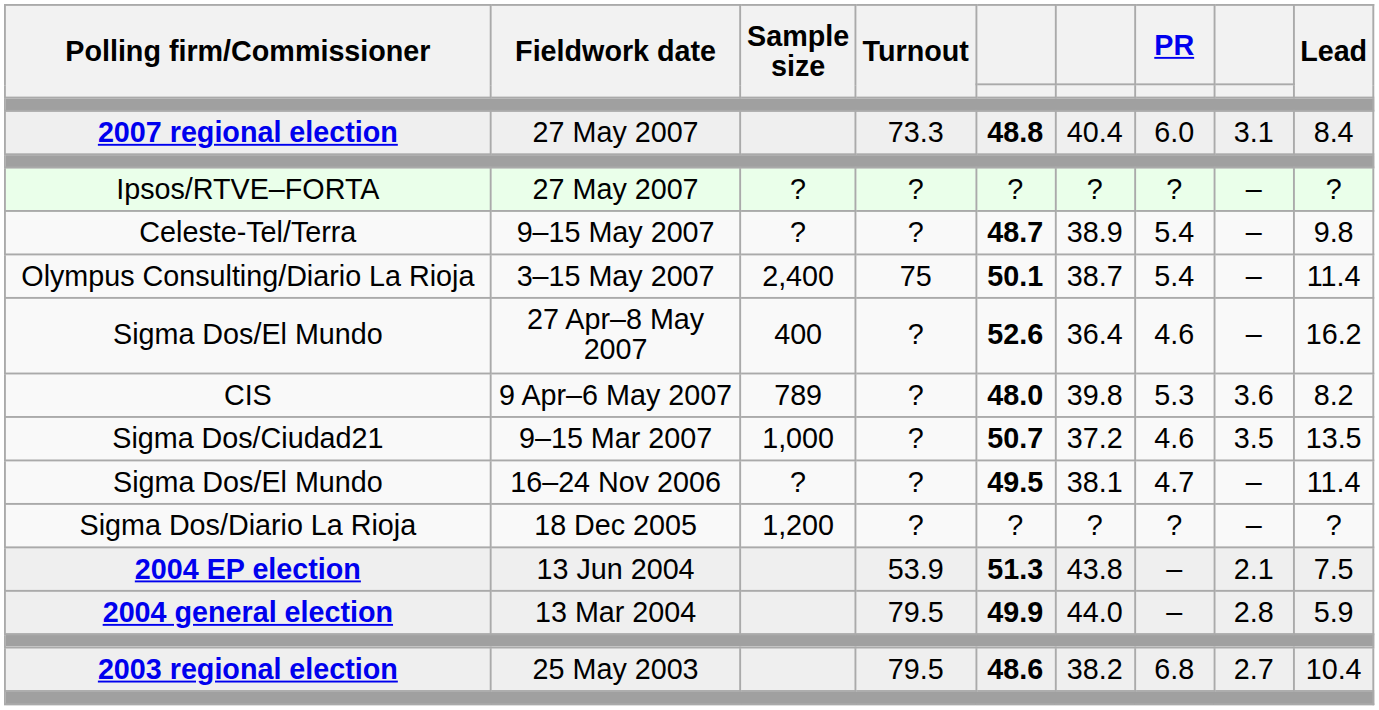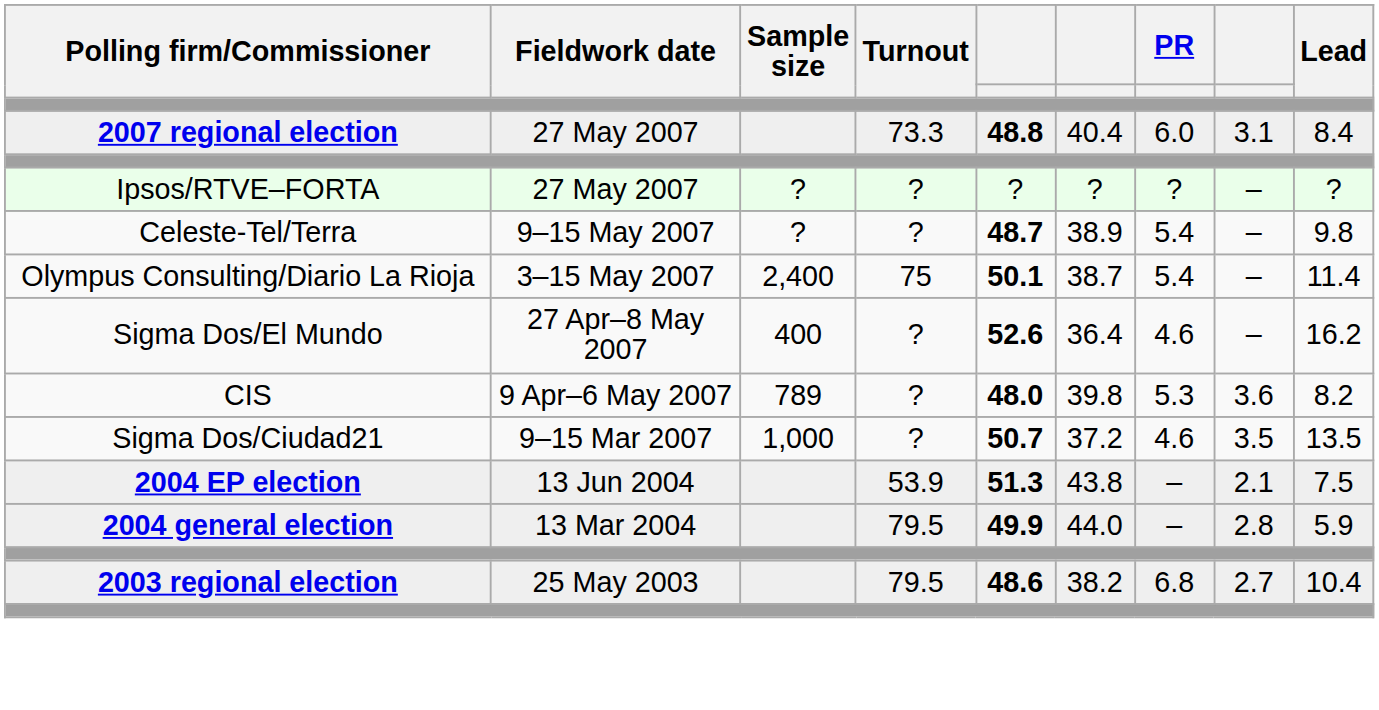 <table class="wikitable collapsible collapsed" style="text-align:center; font-size:95%; line-height:16px;">
 <tr style="height:42px;">
 <th style="width:250px;" rowspan="2">Polling firm/Commissioner</th>
 <th style="width:125px;" rowspan="2">Fieldwork date</th>
 <th style="width:50px;" rowspan="2">Sample size</th>
 <th style="width:45px;" rowspan="2">Turnout</th>
 <th style="width:35px;"></th>
 <th style="width:35px;"></th>
 <th style="width:35px;"><a href='#'>PR</a></th>
 <th style="width:35px;"></th>
 <th style="width:30px;" rowspan="2">Lead</th>
 </tr>
 <tr>
 <th style="color:inherit;background:"></th>
 <th style="color:inherit;background:"></th>
 <th style="color:inherit;background:"></th>
 <th style="color:inherit;background:"></th>
 </tr>
 <tr>
 <td colspan="9" style="background:#A0A0A0"></td>
 </tr>
 <tr style="background:#EFEFEF;">
 <td><strong><a href='#'>2007 regional election</a></strong></td>
 <td>27 May 2007</td>
 <td></td>
 <td>73.3</td>
 <td><strong>48.8</strong><br></td>
 <td>40.4<br></td>
 <td>6.0<br></td>
 <td>3.1<br></td>
 <td style="background:">8.4</td>
 </tr>
 <tr>
 <td colspan="9" style="background:#A0A0A0"></td>
 </tr>
 <tr style="background:#EAFFEA;">
 <td>Ipsos/RTVE–FORTA</td>
 <td>27 May 2007</td>
 <td>?</td>
 <td>?</td>
 <td>?<br></td>
 <td>?<br></td>
 <td>?<br></td>
 <td>–</td>
 <td style="background:">?</td>
 </tr>
 <tr>
 <td>Celeste-Tel/Terra</td>
 <td>9–15 May 2007</td>
 <td>?</td>
 <td>?</td>
 <td><strong>48.7</strong><br></td>
 <td>38.9<br></td>
 <td>5.4<br></td>
 <td>–</td>
 <td style="background:">9.8</td>
 </tr>
 <tr>
 <td>Olympus Consulting/Diario La Rioja</td>
 <td>3–15 May 2007</td>
 <td>2,400</td>
 <td>75</td>
 <td><strong>50.1</strong><br></td>
 <td>38.7<br></td>
 <td>5.4<br></td>
 <td>–</td>
 <td style="background:">11.4</td>
 </tr>
 <tr>
 <td>Sigma Dos/El Mundo</td>
 <td>27 Apr–8 May 2007</td>
 <td>400</td>
 <td>?</td>
 <td><strong>52.6</strong><br></td>
 <td>36.4<br></td>
 <td>4.6<br></td>
 <td>–</td>
 <td style="background:">16.2</td>
 </tr>
 <tr>
 <td>CIS</td>
 <td>9 Apr–6 May 2007</td>
 <td>789</td>
 <td>?</td>
 <td><strong>48.0</strong><br></td>
 <td>39.8<br></td>
 <td>5.3<br></td>
 <td>3.6<br></td>
 <td style="background:">8.2</td>
 </tr>
 <tr>
 <td>Sigma Dos/Ciudad21</td>
 <td>9–15 Mar 2007</td>
 <td>1,000</td>
 <td>?</td>
 <td><strong>50.7</strong><br></td>
 <td>37.2<br></td>
 <td>4.6<br></td>
 <td>3.5<br></td>
 <td style="background:">13.5</td>
 </tr>
-<tr>
-<td>Sigma Dos/El Mundo</td>
-<td>16–24 Nov 2006</td>
-<td>?</td>
-<td>?</td>
-<td><strong>49.5</strong><br></td>
-<td>38.1<br></td>
-<td>4.7<br></td>
-<td>–</td>
-<td style="background:">11.4</td>
-</tr>
-<tr>
-<td>Sigma Dos/Diario La Rioja</td>
-<td>18 Dec 2005</td>
-<td>1,200</td>
-<td>?</td>
-<td>?<br></td>
-<td>?<br></td>
-<td>?<br></td>
-<td>–</td>
-<td style="background:">?</td>
-</tr>
 <tr style="background:#EFEFEF;">
 <td><strong><a href='#'>2004 EP election</a></strong></td>
 <td>13 Jun 2004</td>
 <td></td>
 <td>53.9</td>
 <td><strong>51.3</strong><br></td>
 <td>43.8<br></td>
 <td>–</td>
 <td>2.1<br></td>
 <td style="background:">7.5</td>
 </tr>
 <tr style="background:#EFEFEF;">
 <td><strong><a href='#'>2004 general election</a></strong></td>
 <td>13 Mar 2004</td>
 <td></td>
 <td>79.5</td>
 <td><strong>49.9</strong><br></td>
 <td>44.0<br></td>
 <td>–</td>
 <td>2.8<br></td>
 <td style="background:">5.9</td>
 </tr>
 <tr>
 <td colspan="9" style="background:#A0A0A0"></td>
 </tr>
 <tr style="background:#EFEFEF;">
 <td><strong><a href='#'>2003 regional election</a></strong></td>
 <td>25 May 2003</td>
 <td></td>
 <td>79.5</td>
 <td><strong>48.6</strong><br></td>
 <td>38.2<br></td>
 <td>6.8<br></td>
 <td>2.7<br></td>
 <td style="background:">10.4</td>
 </tr>
 <tr>
 <td colspan="9" style="background:#A0A0A0"></td>
 </tr>
 </table>
